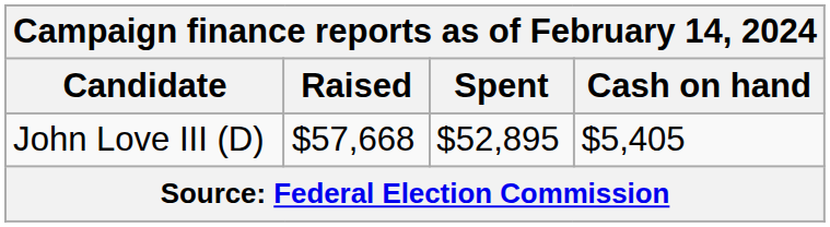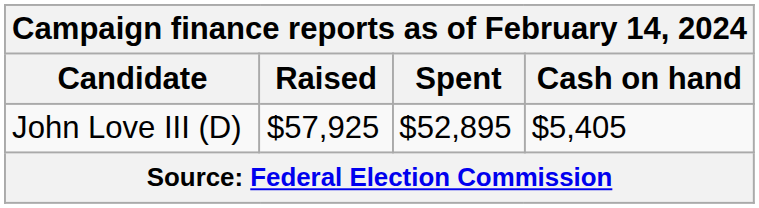 <table class="wikitable sortable">
 <tr>
 <th colspan=4>Campaign finance reports as of February 14, 2024</th>
 </tr>
 <tr style="text-align:center;">
 <th>Candidate</th>
 <th>Raised</th>
 <th>Spent</th>
 <th>Cash on hand</th>
 </tr>
 <tr>
 <td style="color:black;background-color:">John Love III (D)</td>
-<td>$57,668</td>
+<td>$57,925</td>
 <td>$52,895</td>
 <td>$5,405</td>
 </tr>
 <tr>
 <th colspan="4"><small>Source: <a href='#'>Federal Election Commission</a></small></th>
 </tr>
 </table>
